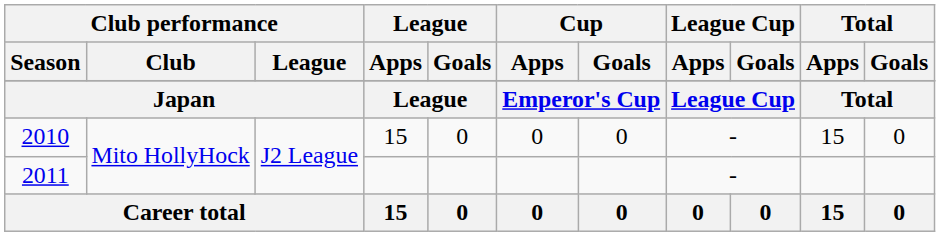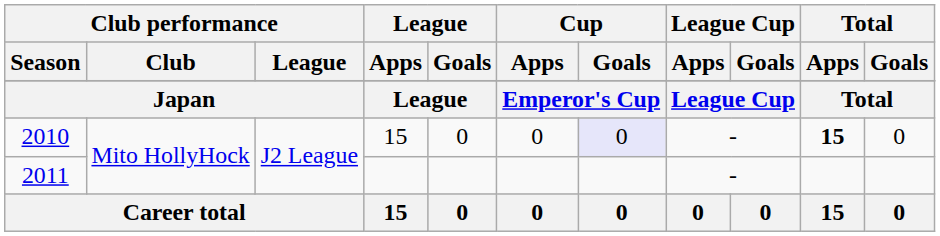 <table class="wikitable" style="text-align:center">
 <tr>
 <th colspan=3>Club performance</th>
 <th colspan=2>League</th>
 <th colspan=2>Cup</th>
 <th colspan=2>League Cup</th>
 <th colspan=2>Total</th>
 </tr>
 <tr>
 <th>Season</th>
 <th>Club</th>
 <th>League</th>
 <th>Apps</th>
 <th>Goals</th>
 <th>Apps</th>
 <th>Goals</th>
 <th>Apps</th>
 <th>Goals</th>
 <th>Apps</th>
 <th>Goals</th>
 </tr>
 <tr>
 </tr>
 <tr>
 <th colspan=3>Japan</th>
 <th colspan=2>League</th>
 <th colspan=2><a href='#'>Emperor's Cup</a></th>
 <th colspan=2><a href='#'>League Cup</a></th>
 <th colspan=2>Total</th>
 </tr>
 <tr>
 <td><a href='#'>2010</a></td>
 <td rowspan="2"><a href='#'>Mito HollyHock</a></td>
 <td rowspan="2"><a href='#'>J2 League</a></td>
 <td>15</td>
 <td>0</td>
 <td>0</td>
-<td>0</td>
+<td style="background: lavender;">0</td>
 <td colspan="2">-</td>
-<td>15</td>
+<td><strong>15</strong></td>
 <td>0</td>
 </tr>
 <tr>
 <td><a href='#'>2011</a></td>
 <td></td>
 <td></td>
 <td></td>
 <td></td>
 <td colspan="2">-</td>
 <td></td>
 <td></td>
 </tr>
 <tr>
 <th colspan=3>Career total</th>
 <th>15</th>
 <th>0</th>
 <th>0</th>
 <th>0</th>
 <th>0</th>
 <th>0</th>
 <th>15</th>
 <th>0</th>
 </tr>
 </table>
